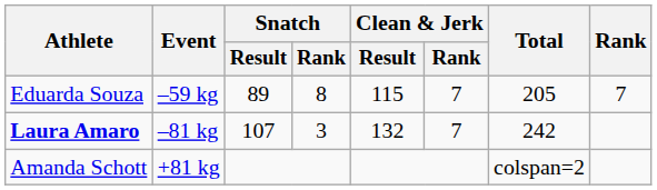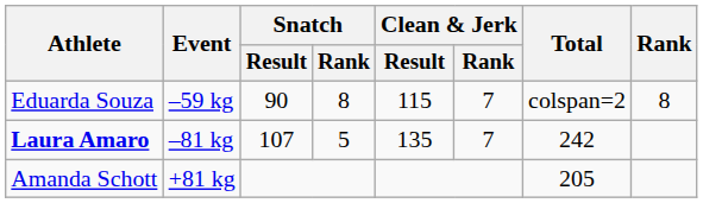 <table class="wikitable" style="font-size:90%">
 <tr>
 <th rowspan=2>Athlete</th>
 <th rowspan=2>Event</th>
 <th colspan="2">Snatch</th>
 <th colspan="2">Clean & Jerk</th>
 <th rowspan="2">Total</th>
 <th rowspan="2">Rank</th>
 </tr>
 <tr style="font-size:95%">
 <th>Result</th>
 <th>Rank</th>
 <th>Result</th>
 <th>Rank</th>
 </tr>
 <tr align=center>
 <td align=left><a href='#'>Eduarda Souza</a></td>
 <td align=left><a href='#'>–59 kg</a></td>
-<td>89</td>
+<td>90</td>
 <td>8</td>
 <td>115</td>
 <td>7</td>
-<td>205</td>
-<td>7</td>
+<td>colspan=2 </td>
+<td>8</td>
 </tr>
 <tr align=center>
 <td align=left><strong><a href='#'>Laura Amaro</a></strong></td>
 <td align=left><a href='#'>–81 kg</a></td>
 <td>107</td>
-<td>3</td>
-<td>132</td>
+<td>5</td>
+<td>135</td>
 <td>7</td>
 <td>242</td>
 <td></td>
 </tr>
 <tr align=center>
 <td align=left><a href='#'>Amanda Schott</a></td>
 <td align=left><a href='#'>+81 kg</a></td>
 <td colspan=2><s></s></td>
 <td colspan=2><s></s></td>
-<td>colspan=2 </td>
+<td>205</td>
 </tr>
 </table>
